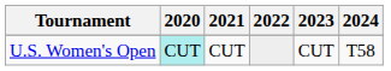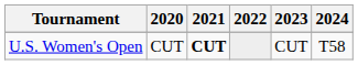 <table class="wikitable" style="font-size:95%;text-align:center;">
 <tr>
 <th>Tournament</th>
 <th>2020</th>
 <th>2021</th>
 <th>2022</th>
 <th>2023</th>
 <th>2024</th>
 </tr>
 <tr>
 </tr>
 <tr>
 <td align=left><a href='#'>U.S. Women's Open</a></td>
-<td style="background: paleturquoise;">CUT</td>
 <td>CUT</td>
+<td><strong>CUT</strong></td>
 <td style="background:#eeeeee;"></td>
 <td>CUT</td>
 <td>T58</td>
 </tr>
 </table>
